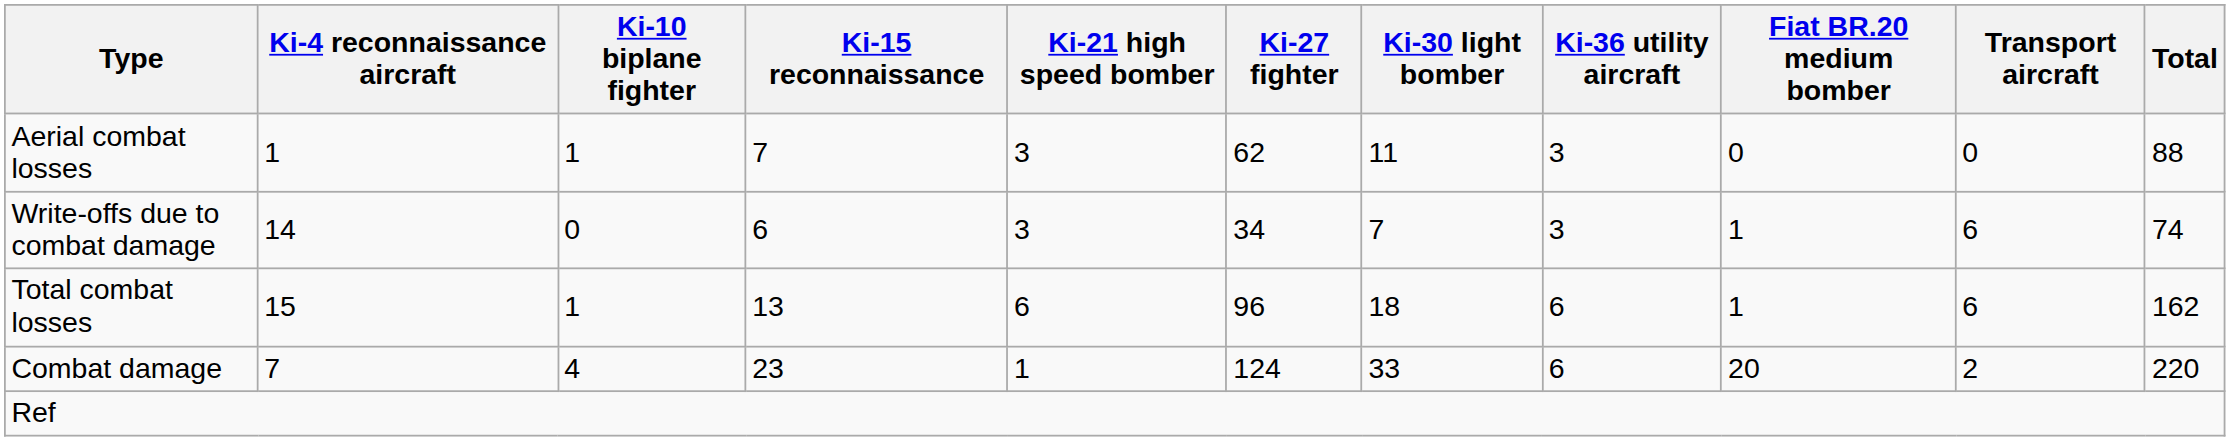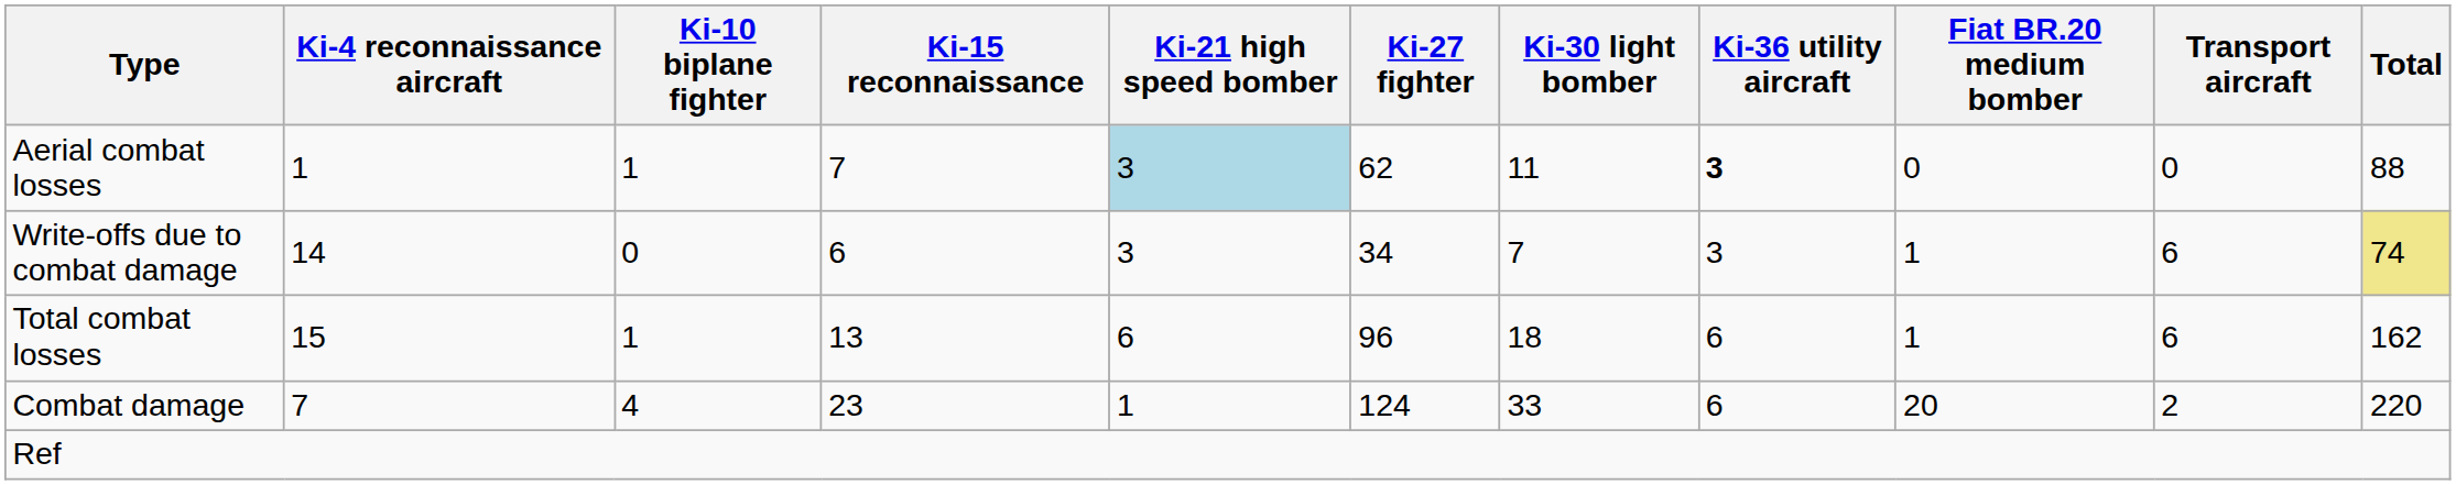 <table class="wikitable">
 <tr>
 <th>Type</th>
 <th><a href='#'>Ki-4</a> reconnaissance aircraft</th>
 <th><a href='#'>Ki-10</a> biplane fighter</th>
 <th><a href='#'>Ki-15</a> reconnaissance</th>
 <th><a href='#'>Ki-21</a> high speed bomber</th>
 <th><a href='#'>Ki-27</a> fighter</th>
 <th><a href='#'>Ki-30</a> light bomber</th>
 <th><a href='#'>Ki-36</a> utility aircraft</th>
 <th><a href='#'>Fiat BR.20</a> medium bomber</th>
 <th>Transport aircraft</th>
 <th>Total</th>
 </tr>
 <tr>
 <td>Aerial combat losses</td>
 <td>1</td>
 <td>1</td>
 <td>7</td>
-<td>3</td>
+<td style="background: lightblue;">3</td>
 <td>62</td>
 <td>11</td>
-<td>3</td>
+<td><strong>3</strong></td>
 <td>0</td>
 <td>0</td>
 <td>88</td>
 </tr>
 <tr>
 <td>Write-offs due to combat damage</td>
 <td>14</td>
 <td>0</td>
 <td>6</td>
 <td>3</td>
 <td>34</td>
 <td>7</td>
 <td>3</td>
 <td>1</td>
 <td>6</td>
-<td>74</td>
+<td style="background: khaki;">74</td>
 </tr>
 <tr>
 <td>Total combat losses</td>
 <td>15</td>
 <td>1</td>
 <td>13</td>
 <td>6</td>
 <td>96</td>
 <td>18</td>
 <td>6</td>
 <td>1</td>
 <td>6</td>
 <td>162</td>
 </tr>
 <tr>
 <td>Combat damage</td>
 <td>7</td>
 <td>4</td>
 <td>23</td>
 <td>1</td>
 <td>124</td>
 <td>33</td>
 <td>6</td>
 <td>20</td>
 <td>2</td>
 <td>220</td>
 </tr>
 <tr>
 <td colspan=11>Ref</td>
 </tr>
 </table>
